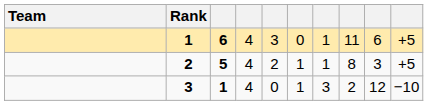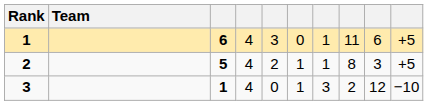 <table class="wikitable" style="text-align:center">
 <tr>
+<th width=30>Rank</th>
 <th width=165 style="text-align:left">Team</th>
-<th width=30>Rank</th>
 <th width=20></th>
 <th width=20></th>
 <th width=20></th>
 <th width=20></th>
 <th width=20></th>
 <th width=20></th>
 <th width=20></th>
 <th width=20></th>
 </tr>
 <tr bgcolor="#ffebad">
+<td><strong>1</strong></td>
 <td align="left"></td>
-<td><strong>1</strong></td>
 <td><strong>6</strong></td>
 <td>4</td>
 <td>3</td>
 <td>0</td>
 <td>1</td>
 <td>11</td>
 <td>6</td>
 <td>+5</td>
 </tr>
 <tr>
+<td><strong>2</strong></td>
 <td align="left"></td>
-<td><strong>2</strong></td>
 <td><strong>5</strong></td>
 <td>4</td>
 <td>2</td>
 <td>1</td>
 <td>1</td>
 <td>8</td>
 <td>3</td>
 <td>+5</td>
 </tr>
 <tr>
+<td><strong>3</strong></td>
 <td align="left"></td>
-<td><strong>3</strong></td>
 <td><strong>1</strong></td>
 <td>4</td>
 <td>0</td>
 <td>1</td>
 <td>3</td>
 <td>2</td>
 <td>12</td>
 <td>−10</td>
 </tr>
 </table>
